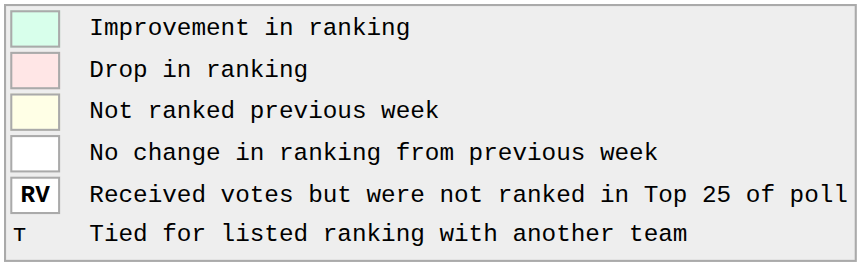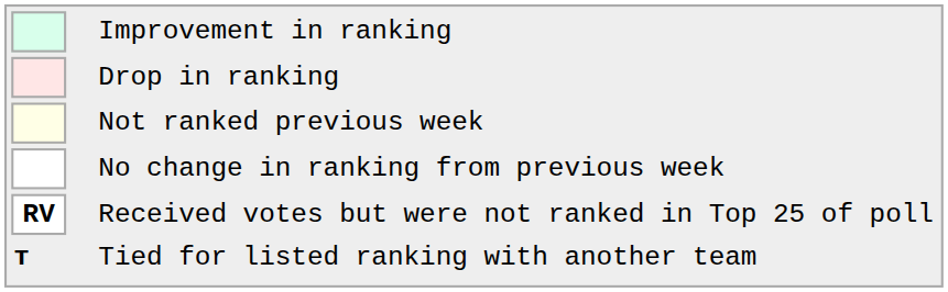 <table style="font-size:90%; border:1px solid #aaa; white-space:nowrap; background:#eee;">
 <tr>
 <td style="background:#d8ffeb; width:20px; border:1px solid #aaa;"> </td>
 <td rowspan=6> </td>
 <td>Improvement in ranking</td>
 </tr>
 <tr>
 <td style="background:#ffe6e6; width:20px; border:1px solid #aaa;"> </td>
 <td>Drop in ranking</td>
 </tr>
 <tr>
 <td style="background:#ffffe6; width:20px; border:1px solid #aaa;"> </td>
 <td>Not ranked previous week</td>
 </tr>
 <tr>
 <td style="background:#fff; width:20px; border:1px solid #aaa;"> </td>
 <td>No change in ranking from previous week</td>
 </tr>
 <tr>
 <td style="text-align:center; width:20px; border:1px solid #aaa; background:white;"><strong>RV</strong></td>
 <td>Received votes but were not ranked in Top 25 of poll</td>
 </tr>
 <tr>
-<td>т</td>
+<td><strong>т</strong></td>
 <td>Tied for listed ranking with another team</td>
 </tr>
 <tr>
 </tr>
 </table>
